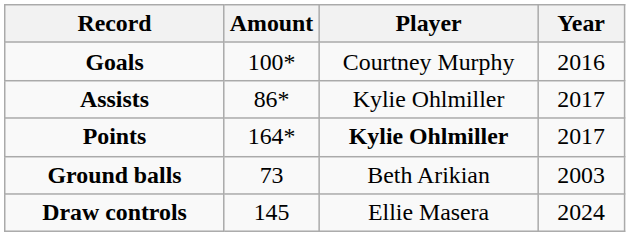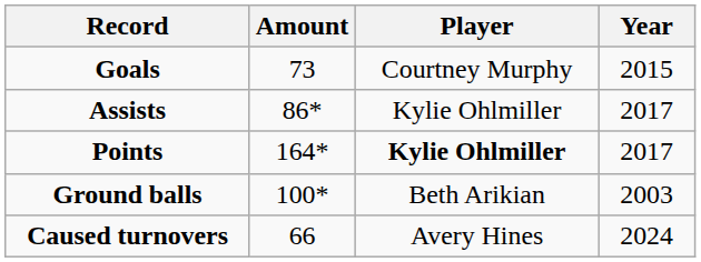 <table class="wikitable">
 <tr>
 <th style="width:140px; ">Record</th>
 <th style="width:35px; ">Amount</th>
 <th style="width:140px; ">Player</th>
 <th style="width:50px; ">Year</th>
 </tr>
 <tr style="text-align:center;">
 <td><strong>Goals</strong></td>
-<td>100*</td>
+<td>73</td>
 <td>Courtney Murphy</td>
-<td>2016</td>
+<td>2015</td>
 </tr>
 <tr style="text-align:center;">
 <td><strong>Assists</strong></td>
 <td>86*</td>
 <td>Kylie Ohlmiller</td>
 <td>2017</td>
 </tr>
 <tr style="text-align:center;">
 <td><strong>Points</strong></td>
 <td>164*</td>
 <td><strong>Kylie Ohlmiller</strong></td>
 <td>2017</td>
 </tr>
 <tr style="text-align:center;">
 <td><strong>Ground balls</strong></td>
-<td>73</td>
+<td>100*</td>
 <td>Beth Arikian</td>
 <td>2003</td>
 </tr>
 <tr style="text-align:center;">
-<td><strong>Draw controls</strong></td>
-<td>145</td>
-<td>Ellie Masera</td>
+<td><strong>Caused turnovers</strong></td>
+<td>66</td>
+<td>Avery Hines</td>
 <td>2024</td>
 </tr>
 </table>
